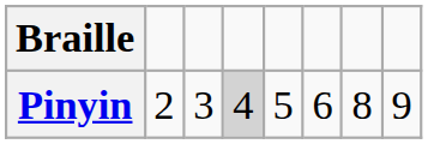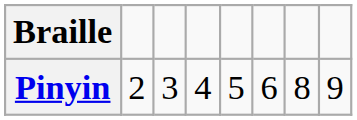 <table class="wikitable">
 <tr>
 <th>Braille</th>
 <td></td>
 <td></td>
 <td></td>
 <td></td>
 <td></td>
 <td></td>
 <td></td>
 </tr>
 <tr align=center>
 <th><a href='#'>Pinyin</a></th>
 <td>2</td>
 <td>3</td>
-<td style="background: lightgrey;">4</td>
+<td>4</td>
 <td>5</td>
 <td>6</td>
 <td>8</td>
 <td>9</td>
 </tr>
 </table>
